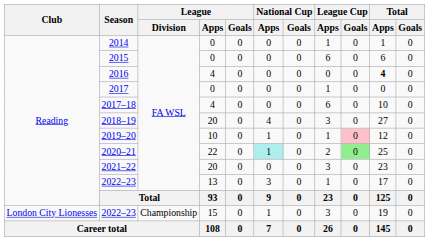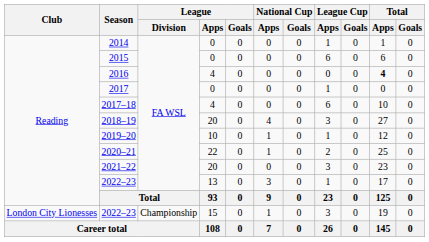 <table class="wikitable" style="text-align:center">
 <tr>
 <th rowspan="2">Club</th>
 <th rowspan="2">Season</th>
 <th colspan="3">League</th>
 <th colspan="2">National Cup</th>
 <th colspan="2">League Cup</th>
 <th colspan="2">Total</th>
 </tr>
 <tr>
 <th>Division</th>
 <th>Apps</th>
 <th>Goals</th>
 <th>Apps</th>
 <th>Goals</th>
 <th>Apps</th>
 <th>Goals</th>
 <th>Apps</th>
 <th>Goals</th>
 </tr>
 <tr>
 <td rowspan="11"><a href='#'>Reading</a></td>
 <td><a href='#'>2014</a></td>
 <td rowspan="10"><a href='#'>FA WSL</a></td>
 <td>0</td>
 <td>0</td>
 <td>0</td>
 <td>0</td>
 <td>1</td>
 <td>0</td>
 <td>1</td>
 <td>0</td>
 </tr>
 <tr>
 <td><a href='#'>2015</a></td>
 <td>0</td>
 <td>0</td>
 <td>0</td>
 <td>0</td>
 <td>6</td>
 <td>0</td>
 <td>6</td>
 <td>0</td>
 </tr>
 <tr>
 <td><a href='#'>2016</a></td>
 <td>4</td>
 <td>0</td>
 <td>0</td>
 <td>0</td>
 <td>0</td>
 <td>0</td>
 <td><strong>4</strong></td>
 <td>0</td>
 </tr>
 <tr>
 <td><a href='#'>2017</a></td>
 <td>0</td>
 <td>0</td>
 <td>0</td>
 <td>0</td>
 <td>1</td>
 <td>0</td>
 <td>0</td>
 <td>0</td>
 </tr>
 <tr>
 <td><a href='#'>2017–18</a></td>
 <td>4</td>
 <td>0</td>
 <td>0</td>
 <td>0</td>
 <td>6</td>
 <td>0</td>
 <td>10</td>
 <td>0</td>
 </tr>
 <tr>
 <td><a href='#'>2018–19</a></td>
 <td>20</td>
 <td>0</td>
 <td>4</td>
 <td>0</td>
 <td>3</td>
 <td>0</td>
 <td>27</td>
 <td>0</td>
 </tr>
 <tr>
 <td><a href='#'>2019–20</a></td>
 <td>10</td>
 <td>0</td>
 <td>1</td>
 <td>0</td>
 <td>1</td>
-<td style="background: pink;">0</td>
+<td>0</td>
 <td>12</td>
 <td>0</td>
 </tr>
 <tr>
 <td><a href='#'>2020–21</a></td>
 <td>22</td>
 <td>0</td>
-<td style="background: paleturquoise;">1</td>
+<td>1</td>
 <td>0</td>
 <td>2</td>
-<td style="background: lightgreen;">0</td>
+<td>0</td>
 <td>25</td>
 <td>0</td>
 </tr>
 <tr>
 <td><a href='#'>2021–22</a></td>
 <td>20</td>
 <td>0</td>
 <td>0</td>
 <td>0</td>
 <td>3</td>
 <td>0</td>
 <td>23</td>
 <td>0</td>
 </tr>
 <tr>
 <td><a href='#'>2022–23</a></td>
 <td>13</td>
 <td>0</td>
 <td>3</td>
 <td>0</td>
 <td>1</td>
 <td>0</td>
 <td>17</td>
 <td>0</td>
 </tr>
 <tr>
 <th colspan="2">Total</th>
 <th>93</th>
 <th>0</th>
 <th>9</th>
 <th>0</th>
 <th>23</th>
 <th>0</th>
 <th>125</th>
 <th>0</th>
 </tr>
 <tr>
 <td><a href='#'>London City Lionesses</a></td>
 <td><a href='#'>2022–23</a></td>
 <td>Championship</td>
 <td>15</td>
 <td>0</td>
 <td>1</td>
 <td>0</td>
 <td>3</td>
 <td>0</td>
 <td>19</td>
 <td>0</td>
 </tr>
 <tr>
 <th colspan="3">Career total</th>
 <th>108</th>
 <th>0</th>
 <th>7</th>
 <th>0</th>
 <th>26</th>
 <th>0</th>
 <th>145</th>
 <th>0</th>
 </tr>
 </table>
